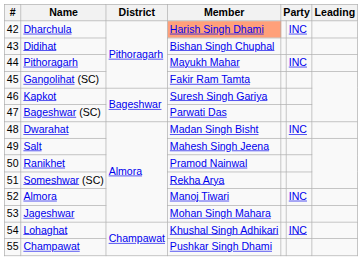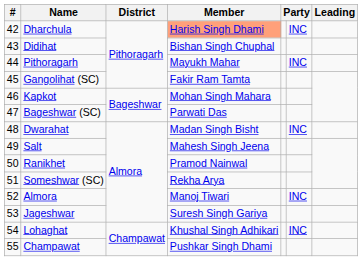 <table class="wikitable">
 <tr>
 <th>#</th>
 <th>Name</th>
 <th>District</th>
 <th>Member</th>
 <th colspan="2">Party</th>
 <th colspan="2">Leading<br></th>
 </tr>
 <tr>
 <td align="center">42</td>
 <td><a href='#'>Dharchula</a></td>
 <td rowspan="4"><a href='#'>Pithoragarh</a></td>
 <td style="background: lightsalmon;"><a href='#'>Harish Singh Dhami</a></td>
 <td style="background-color: "></td>
 <td><a href='#'>INC</a></td>
 <td></td>
 </tr>
 <tr>
 <td align="center">43</td>
 <td><a href='#'>Didihat</a></td>
 <td><a href='#'>Bishan Singh Chuphal</a></td>
 <td></td>
 <td></td>
 </tr>
 <tr>
 <td align="center">44</td>
 <td><a href='#'>Pithoragarh</a></td>
 <td><a href='#'>Mayukh Mahar</a></td>
 <td style="background-color: "></td>
 <td><a href='#'>INC</a></td>
 <td></td>
 </tr>
 <tr>
 <td align="center">45</td>
 <td><a href='#'>Gangolihat</a> (SC)</td>
 <td><a href='#'>Fakir Ram Tamta</a></td>
 <td></td>
 <td></td>
 </tr>
 <tr>
 <td align="center">46</td>
 <td><a href='#'>Kapkot</a></td>
 <td rowspan="2"><a href='#'>Bageshwar</a></td>
-<td><a href='#'>Suresh Singh Gariya</a></td>
+<td><a href='#'>Mohan Singh Mahara</a></td>
 <td></td>
 <td></td>
 </tr>
 <tr>
 <td align="center">47</td>
 <td><a href='#'>Bageshwar</a> (SC)</td>
 <td><a href='#'>Parwati Das</a></td>
 <td></td>
 <td></td>
 </tr>
 <tr>
 <td align="center">48</td>
 <td><a href='#'>Dwarahat</a></td>
 <td rowspan="6"><a href='#'>Almora</a></td>
 <td><a href='#'>Madan Singh Bisht</a></td>
 <td style="background-color: "></td>
 <td><a href='#'>INC</a></td>
 <td></td>
 </tr>
 <tr>
 <td align="center">49</td>
 <td><a href='#'>Salt</a></td>
 <td><a href='#'>Mahesh Singh Jeena</a></td>
 <td></td>
 <td></td>
 </tr>
 <tr>
 <td align="center">50</td>
 <td><a href='#'>Ranikhet</a></td>
 <td><a href='#'>Pramod Nainwal</a></td>
 <td></td>
 <td></td>
 </tr>
 <tr>
 <td align="center">51</td>
 <td><a href='#'>Someshwar</a> (SC)</td>
 <td><a href='#'>Rekha Arya</a></td>
 <td></td>
 <td></td>
 </tr>
 <tr>
 <td align="center">52</td>
 <td><a href='#'>Almora</a></td>
 <td><a href='#'>Manoj Tiwari</a></td>
 <td style="background-color: "></td>
 <td><a href='#'>INC</a></td>
 <td></td>
 </tr>
 <tr>
 <td align="center">53</td>
 <td><a href='#'>Jageshwar</a></td>
-<td><a href='#'>Mohan Singh Mahara</a></td>
+<td><a href='#'>Suresh Singh Gariya</a></td>
 <td></td>
 <td></td>
 </tr>
 <tr>
 <td align="center">54</td>
 <td><a href='#'>Lohaghat</a></td>
 <td rowspan="2"><a href='#'>Champawat</a></td>
 <td><a href='#'>Khushal Singh Adhikari</a></td>
 <td style="background-color: "></td>
 <td><a href='#'>INC</a></td>
 <td></td>
 </tr>
 <tr>
 <td align="center">55</td>
 <td><a href='#'>Champawat</a></td>
 <td><a href='#'>Pushkar Singh Dhami</a></td>
 <td></td>
 <td></td>
 </tr>
 </table>
